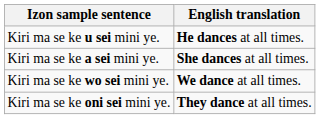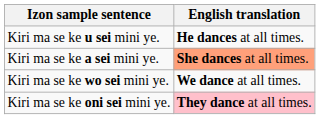 <table class="wikitable">
 <tr>
 <th>Izon sample sentence</th>
 <th>English translation</th>
 </tr>
 <tr>
 <td>Kiri ma se ke <strong>u sei</strong> mini ye.</td>
 <td><strong>He dances</strong> at all times.</td>
 </tr>
 <tr>
 <td>Kiri ma se ke <strong>a sei</strong> mini ye.</td>
-<td><strong>She dances</strong> at all times.</td>
+<td style="background: lightsalmon;"><strong>She dances</strong> at all times.</td>
 </tr>
 <tr>
 <td>Kiri ma se ke <strong>wo sei</strong> mini ye.</td>
 <td><strong>We dance</strong> at all times.</td>
 </tr>
 <tr>
 <td>Kiri ma se ke <strong>oni sei</strong> mini ye.</td>
-<td><strong>They dance</strong> at all times.</td>
+<td style="background: pink;"><strong>They dance</strong> at all times.</td>
 </tr>
 </table>
